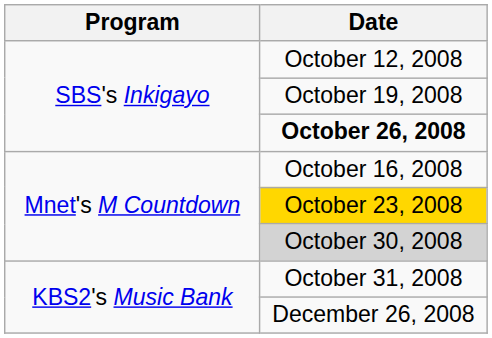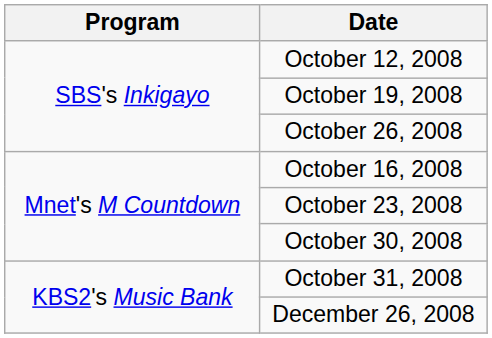 <table class="wikitable" style="text-align:center">
 <tr>
 <th width="170">Program</th>
 <th width="150">Date</th>
 </tr>
 <tr>
 <td rowspan="3"><a href='#'>SBS</a>'s <em><a href='#'>Inkigayo</a></em></td>
 <td>October 12, 2008</td>
 </tr>
 <tr>
 <td>October 19, 2008</td>
 </tr>
 <tr>
-<td><strong>October 26, 2008</strong></td>
+<td>October 26, 2008</td>
 </tr>
 <tr>
 <td rowspan="3"><a href='#'>Mnet</a>'s <em><a href='#'>M Countdown</a></em></td>
 <td>October 16, 2008</td>
 </tr>
 <tr>
-<td style="background: gold;">October 23, 2008</td>
+<td>October 23, 2008</td>
 </tr>
 <tr>
-<td style="background: lightgrey;">October 30, 2008</td>
+<td>October 30, 2008</td>
 </tr>
 <tr>
 <td rowspan="2"><a href='#'>KBS2</a>'s <em><a href='#'>Music Bank</a></em></td>
 <td>October 31, 2008</td>
 </tr>
 <tr>
 <td>December 26, 2008</td>
 </tr>
 </table>
